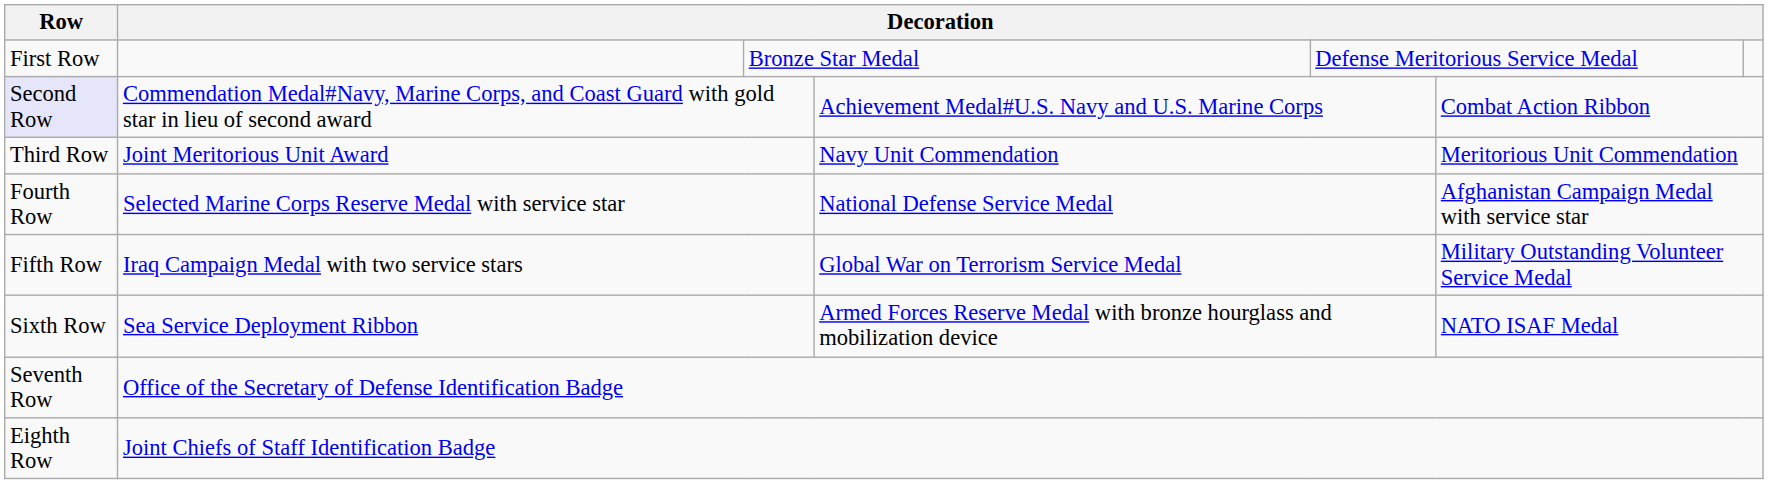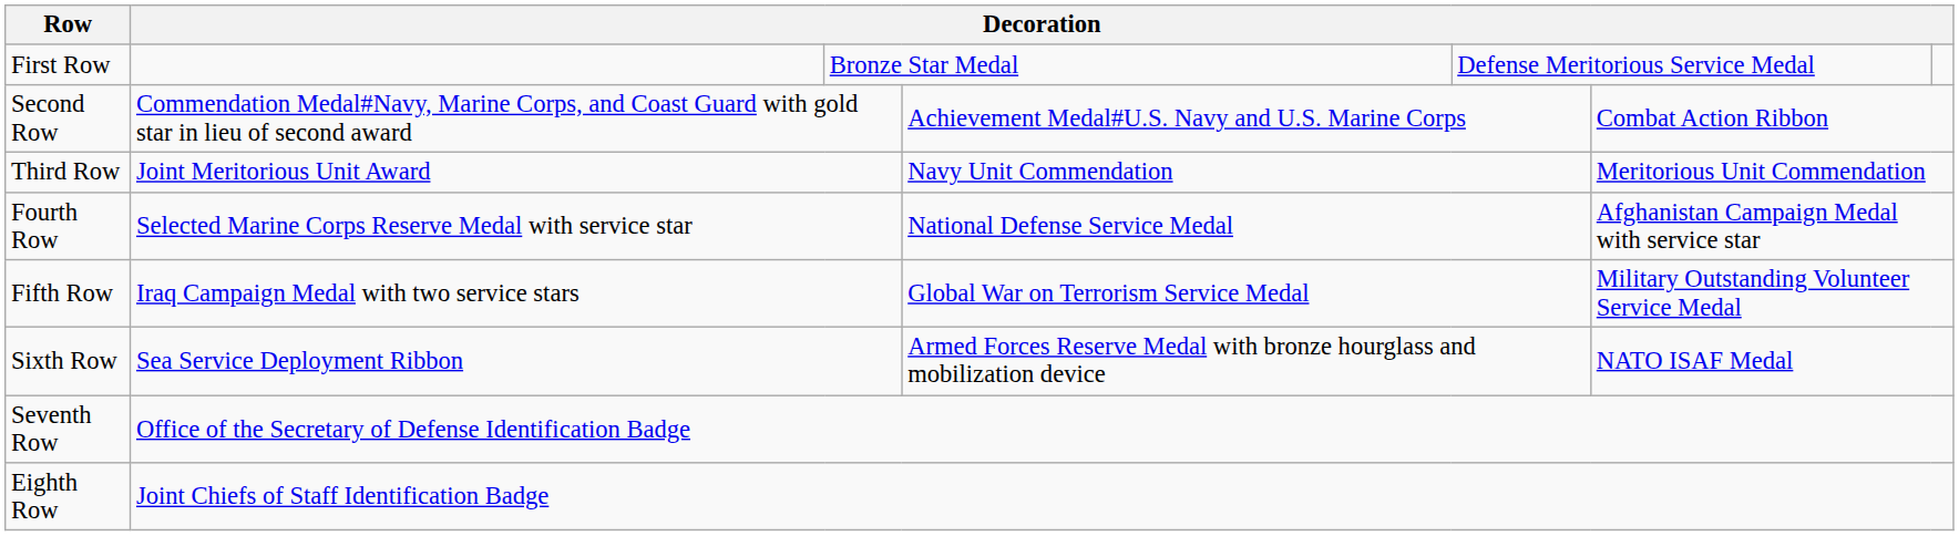 <table class="wikitable">
 <tr>
 <th>Row</th>
 <th colspan="6">Decoration</th>
 </tr>
 <tr>
 <td>First Row</td>
 <td></td>
 <td colspan="2"><a href='#'>Bronze Star Medal</a></td>
 <td colspan="2"><a href='#'>Defense Meritorious Service Medal</a></td>
 <td></td>
 </tr>
 <tr>
-<td style="background: lavender;">Second Row</td>
+<td>Second Row</td>
 <td colspan="2"><a href='#'>Commendation Medal#Navy, Marine Corps, and Coast Guard</a> with gold star in lieu of second award</td>
 <td colspan="2"><a href='#'>Achievement Medal#U.S. Navy and U.S. Marine Corps</a></td>
 <td colspan="2"><a href='#'>Combat Action Ribbon</a></td>
 </tr>
 <tr>
 <td>Third Row</td>
 <td colspan="2"><a href='#'>Joint Meritorious Unit Award</a></td>
 <td colspan="2"><a href='#'>Navy Unit Commendation</a></td>
 <td colspan="2"><a href='#'>Meritorious Unit Commendation</a></td>
 </tr>
 <tr>
 <td>Fourth Row</td>
 <td colspan="2"><a href='#'>Selected Marine Corps Reserve Medal</a> with service star</td>
 <td colspan="2"><a href='#'>National Defense Service Medal</a></td>
 <td colspan="2"><a href='#'>Afghanistan Campaign Medal</a> with service star</td>
 </tr>
 <tr>
 <td>Fifth Row</td>
 <td colspan="2"><a href='#'>Iraq Campaign Medal</a> with two service stars</td>
 <td colspan="2"><a href='#'>Global War on Terrorism Service Medal</a></td>
 <td colspan="2"><a href='#'>Military Outstanding Volunteer Service Medal</a></td>
 </tr>
 <tr>
 <td>Sixth Row</td>
 <td colspan="2"><a href='#'>Sea Service Deployment Ribbon</a></td>
 <td colspan="2"><a href='#'>Armed Forces Reserve Medal</a> with bronze hourglass and mobilization device</td>
 <td colspan="2"><a href='#'>NATO ISAF Medal</a></td>
 </tr>
 <tr>
 <td>Seventh Row</td>
 <td colspan="6"><a href='#'>Office of the Secretary of Defense Identification Badge</a></td>
 </tr>
 <tr>
 <td>Eighth Row</td>
 <td colspan="6"><a href='#'>Joint Chiefs of Staff Identification Badge</a></td>
 </tr>
 </table>
